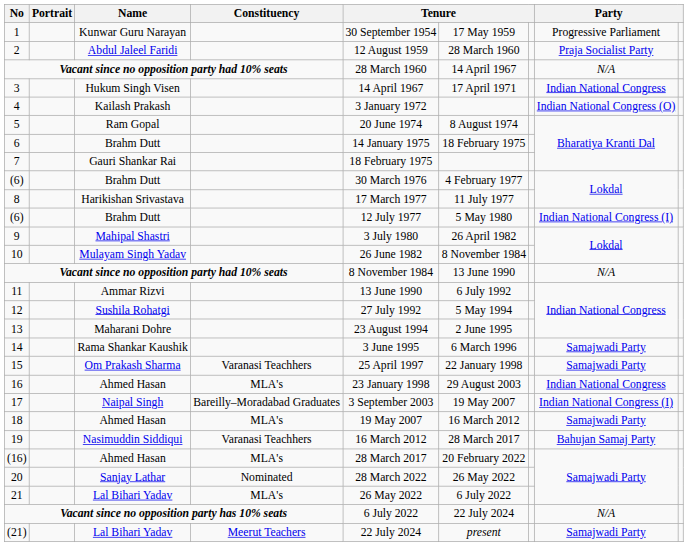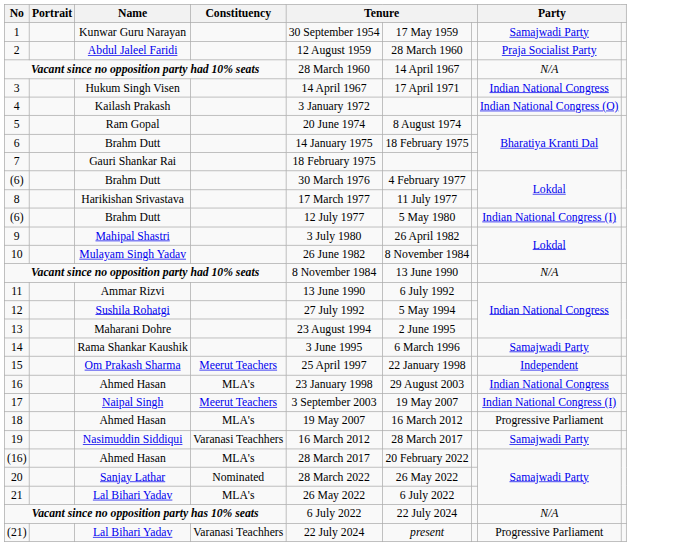 <table class="wikitable" style="text-align:center">
 <tr>
 <th>No</th>
 <th>Portrait</th>
 <th>Name</th>
 <th>Constituency</th>
 <th colspan="3">Tenure</th>
 <th colspan="2">Party</th>
 </tr>
 <tr>
 <td>1</td>
 <td></td>
 <td>Kunwar Guru Narayan</td>
 <td></td>
 <td>30 September 1954</td>
 <td>17 May 1959</td>
 <td></td>
-<td>Progressive Parliament</td>
+<td rowspan="1"><a href='#'>Samajwadi Party</a></td>
 <td style="background-color: "></td>
 </tr>
 <tr>
 <td>2</td>
 <td></td>
 <td><a href='#'>Abdul Jaleel Faridi</a></td>
 <td></td>
 <td>12 August 1959</td>
 <td>28 March 1960</td>
 <td></td>
 <td><a href='#'>Praja Socialist Party</a></td>
 <td style="background-color: "></td>
 </tr>
 <tr>
 <td colspan="4"><strong><em>Vacant since no opposition party had 10% seats</em></strong></td>
 <td>28 March 1960</td>
 <td>14 April 1967</td>
 <td></td>
 <td colspan="1"><em>N/A</em></td>
 </tr>
 <tr>
 <td>3</td>
 <td></td>
 <td>Hukum Singh Visen</td>
 <td></td>
 <td>14 April 1967</td>
 <td>17 April 1971</td>
 <td></td>
 <td><a href='#'>Indian National Congress</a></td>
 <td style="background-color: "></td>
 </tr>
 <tr>
 <td>4</td>
 <td></td>
 <td>Kailash Prakash</td>
 <td></td>
 <td>3 January 1972</td>
 <td></td>
 <td></td>
 <td><a href='#'>Indian National Congress (O)</a></td>
 <td style="background-color: "></td>
 </tr>
 <tr>
 <td>5</td>
 <td></td>
 <td>Ram Gopal</td>
 <td></td>
 <td>20 June 1974</td>
 <td>8 August 1974</td>
 <td></td>
 <td rowspan="3"><a href='#'>Bharatiya Kranti Dal</a></td>
 <td rowspan="3" style="background-color: "></td>
 </tr>
 <tr>
 <td>6</td>
 <td></td>
 <td>Brahm Dutt</td>
 <td></td>
 <td>14 January 1975</td>
 <td>18 February 1975</td>
 <td></td>
 </tr>
 <tr>
 <td>7</td>
 <td></td>
 <td>Gauri Shankar Rai</td>
 <td></td>
 <td>18 February 1975</td>
 <td></td>
 <td></td>
 </tr>
 <tr>
 <td>(6)</td>
 <td></td>
 <td>Brahm Dutt</td>
 <td></td>
 <td>30 March 1976</td>
 <td>4 February 1977</td>
 <td></td>
 <td rowspan="2"><a href='#'>Lokdal</a></td>
 <td rowspan="2" style="background-color: "></td>
 </tr>
 <tr>
 <td>8</td>
 <td></td>
 <td>Harikishan Srivastava</td>
 <td></td>
 <td>17 March 1977</td>
 <td>11 July 1977</td>
 <td></td>
 </tr>
 <tr>
 <td>(6)</td>
 <td></td>
 <td>Brahm Dutt</td>
 <td></td>
 <td>12 July 1977</td>
 <td>5 May 1980</td>
 <td></td>
 <td><a href='#'>Indian National Congress (I)</a></td>
 <td style="background-color: "></td>
 </tr>
 <tr>
 <td>9</td>
 <td></td>
 <td><a href='#'>Mahipal Shastri</a></td>
 <td></td>
 <td>3 July 1980</td>
 <td>26 April 1982</td>
 <td></td>
 <td rowspan="2"><a href='#'>Lokdal</a></td>
 <td rowspan="2" style="background-color: "></td>
 </tr>
 <tr>
 <td>10</td>
 <td></td>
 <td><a href='#'>Mulayam Singh Yadav</a></td>
 <td></td>
 <td>26 June 1982</td>
 <td>8 November 1984</td>
 <td></td>
 </tr>
 <tr>
 <td colspan="4"><strong><em>Vacant since no opposition party had 10% seats</em></strong></td>
 <td>8 November 1984</td>
 <td>13 June 1990</td>
 <td></td>
 <td colspan="1"><em>N/A</em></td>
 </tr>
 <tr>
 <td>11</td>
 <td></td>
 <td>Ammar Rizvi</td>
 <td></td>
 <td>13 June 1990</td>
 <td>6 July 1992</td>
 <td></td>
 <td rowspan="3"><a href='#'>Indian National Congress</a></td>
 <td rowspan="3" style="background-color: "></td>
 </tr>
 <tr>
 <td>12</td>
 <td></td>
 <td><a href='#'>Sushila Rohatgi</a></td>
 <td></td>
 <td>27 July 1992</td>
 <td>5 May 1994</td>
 <td></td>
 </tr>
 <tr>
 <td>13</td>
 <td></td>
 <td>Maharani Dohre</td>
 <td></td>
 <td>23 August 1994</td>
 <td>2 June 1995</td>
 <td></td>
 </tr>
 <tr>
 <td>14</td>
 <td></td>
 <td>Rama Shankar Kaushik</td>
 <td></td>
 <td>3 June 1995</td>
 <td>6 March 1996</td>
 <td></td>
 <td><a href='#'>Samajwadi Party</a></td>
 <td style="background-color: "></td>
 </tr>
 <tr>
 <td>15</td>
 <td></td>
 <td><a href='#'>Om Prakash Sharma</a></td>
-<td>Varanasi Teachhers</td>
+<td><a href='#'>Meerut Teachers</a></td>
 <td>25 April 1997</td>
 <td>22 January 1998</td>
 <td></td>
-<td><a href='#'>Samajwadi Party</a></td>
+<td><a href='#'>Independent</a></td>
 <td style="background-color: "></td>
 </tr>
 <tr>
 <td>16</td>
 <td></td>
 <td>Ahmed Hasan</td>
 <td>MLA's</td>
 <td>23 January 1998</td>
 <td>29 August 2003</td>
 <td></td>
 <td><a href='#'>Indian National Congress</a></td>
 <td style="background-color: "></td>
 </tr>
 <tr>
 <td>17</td>
 <td></td>
 <td><a href='#'>Naipal Singh</a></td>
-<td>Bareilly–Moradabad Graduates</td>
+<td><a href='#'>Meerut Teachers</a></td>
 <td>3 September 2003</td>
 <td>19 May 2007</td>
 <td></td>
 <td><a href='#'>Indian National Congress (I)</a></td>
 <td style="background-color: "></td>
 </tr>
 <tr>
 <td>18</td>
 <td></td>
 <td>Ahmed Hasan</td>
 <td>MLA's</td>
 <td>19 May 2007</td>
 <td>16 March 2012</td>
 <td></td>
-<td><a href='#'>Samajwadi Party</a></td>
+<td>Progressive Parliament</td>
 <td style="background-color: "></td>
 </tr>
 <tr>
 <td>19</td>
 <td></td>
 <td><a href='#'>Nasimuddin Siddiqui</a></td>
 <td>Varanasi Teachhers</td>
 <td>16 March 2012</td>
 <td>28 March 2017</td>
 <td></td>
-<td><a href='#'>Bahujan Samaj Party</a></td>
+<td><a href='#'>Samajwadi Party</a></td>
 <td style="background-color: "></td>
 </tr>
 <tr>
 <td>(16)</td>
 <td></td>
 <td>Ahmed Hasan</td>
 <td>MLA's</td>
 <td>28 March 2017</td>
 <td>20 February 2022</td>
 <td></td>
 <td rowspan="3"><a href='#'>Samajwadi Party</a></td>
 <td rowspan="3" style="background-color: "></td>
 </tr>
 <tr>
 <td>20</td>
 <td></td>
 <td><a href='#'>Sanjay Lathar</a></td>
 <td>Nominated</td>
 <td>28 March 2022</td>
 <td>26 May 2022</td>
 <td></td>
 </tr>
 <tr>
 <td>21</td>
 <td></td>
 <td><a href='#'>Lal Bihari Yadav</a></td>
 <td>MLA's</td>
 <td>26 May 2022</td>
 <td>6 July 2022</td>
 <td></td>
 </tr>
 <tr>
 <td colspan="4"><strong><em>Vacant since no opposition party has 10% seats</em></strong></td>
 <td>6 July 2022</td>
 <td>22 July 2024</td>
 <td></td>
 <td colspan="1"><em>N/A</em></td>
 </tr>
 <tr>
 <td>(21)</td>
 <td></td>
 <td><a href='#'>Lal Bihari Yadav</a></td>
-<td><a href='#'>Meerut Teachers</a></td>
+<td>Varanasi Teachhers</td>
 <td>22 July 2024</td>
 <td><em>present</em></td>
 <td></td>
-<td rowspan="1"><a href='#'>Samajwadi Party</a></td>
+<td>Progressive Parliament</td>
 <td rowspan="1" style="background-color: "></td>
 </tr>
 </table>
